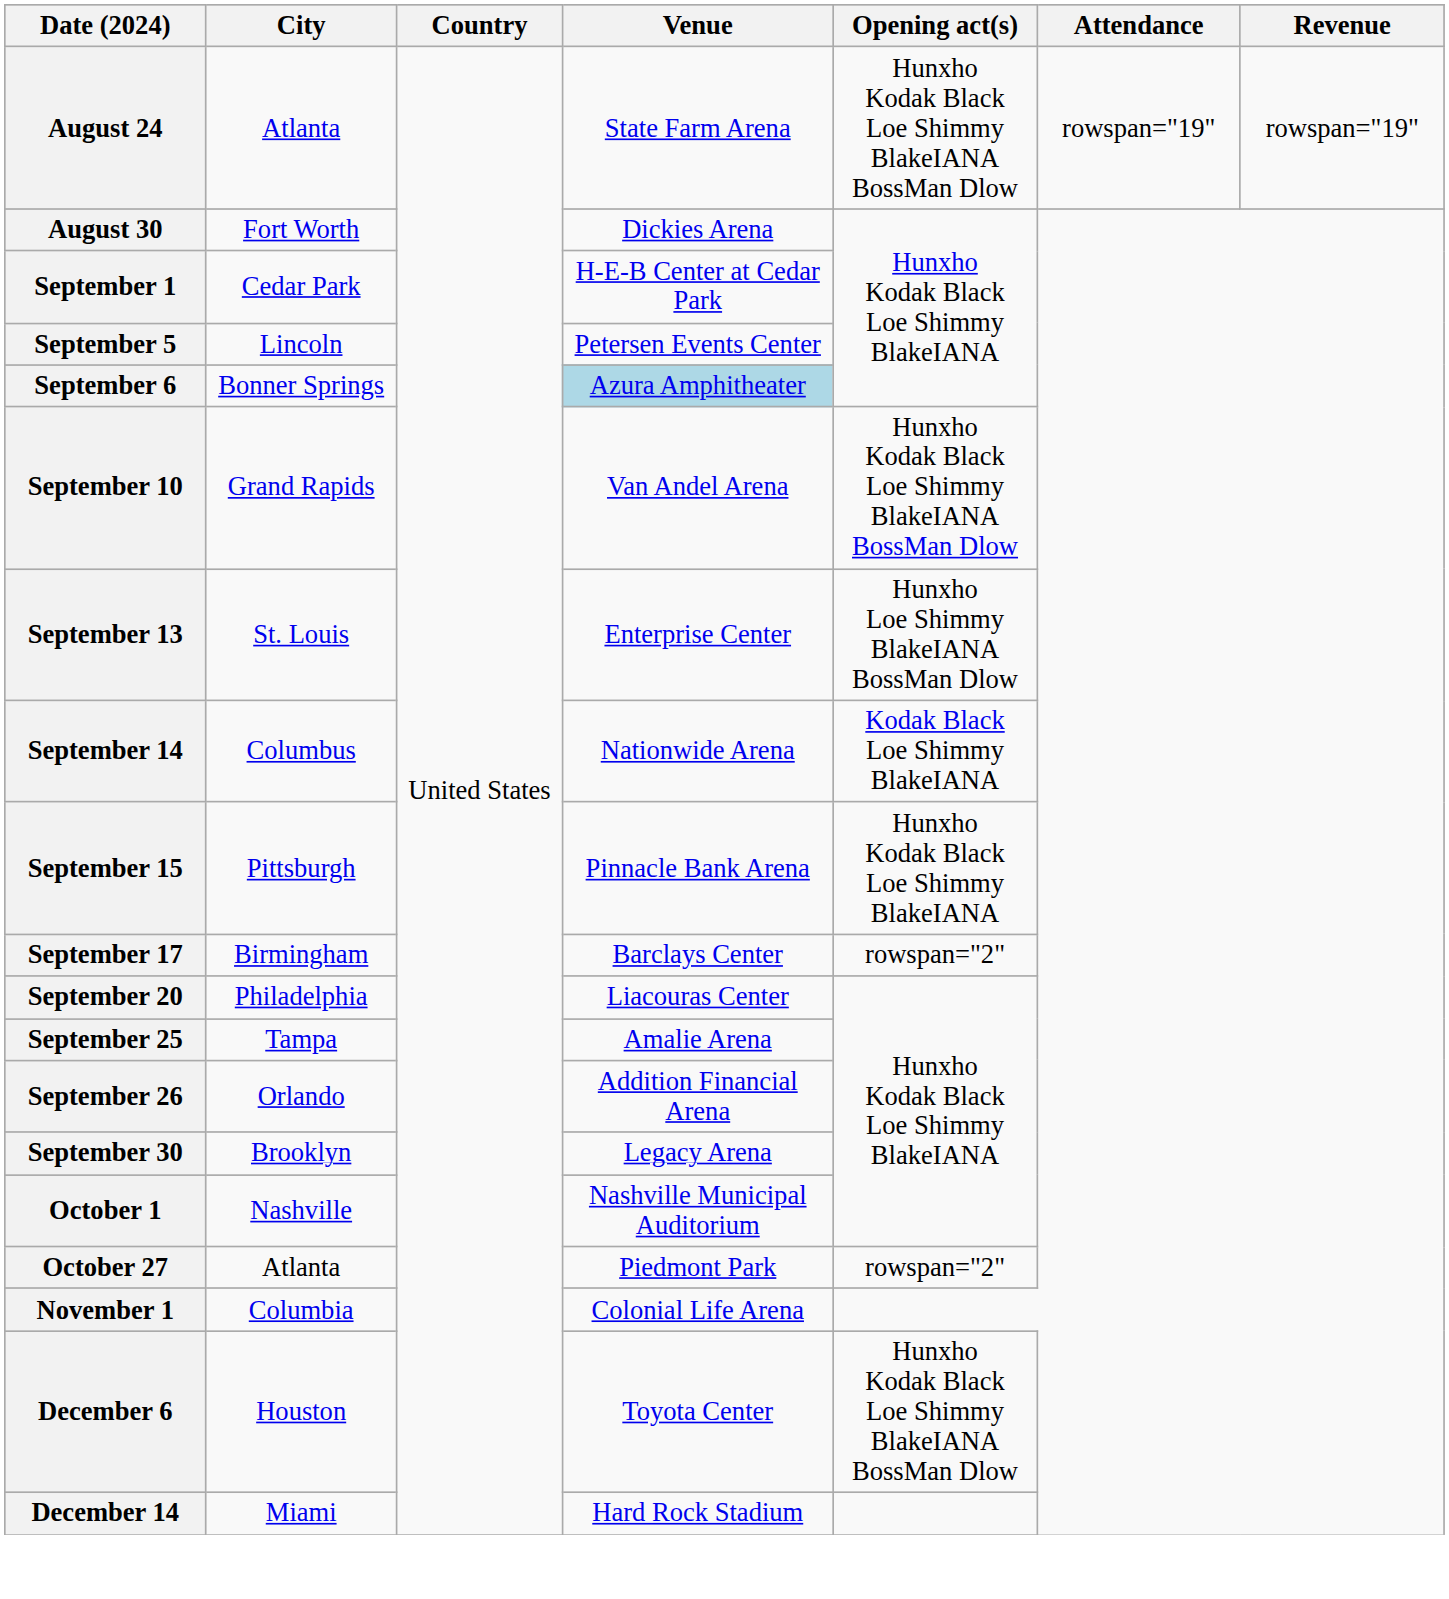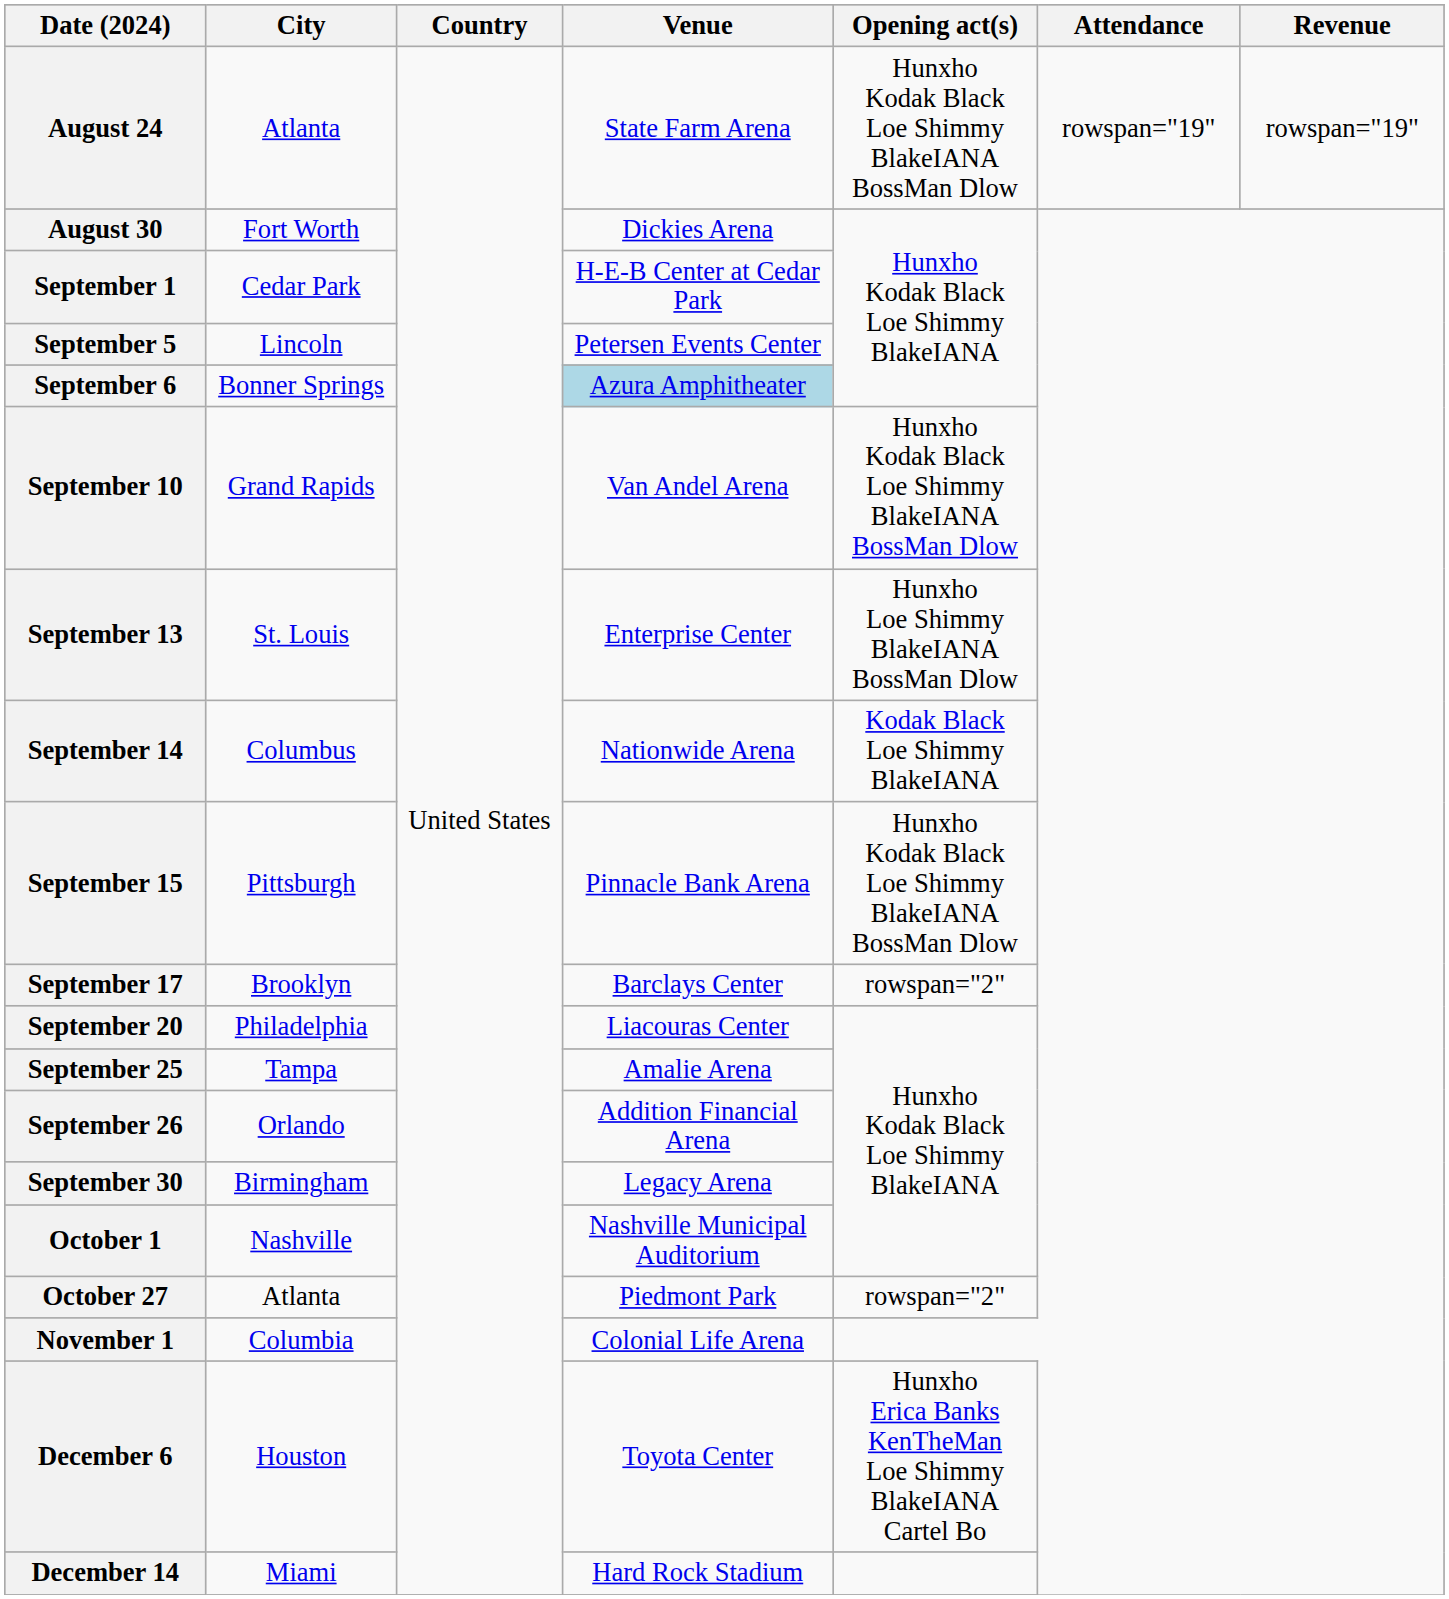 <table class="wikitable plainrowheaders" style="text-align:center;">
 <tr>
 <th scope="col" style="width:12em;">Date (2024)</th>
 <th scope="col" style="width:10em;">City</th>
 <th scope="col" style="width:10em;">Country</th>
 <th scope="col" style="width:18em;">Venue</th>
 <th scope="col" style="width:11em;">Opening act(s)</th>
 <th scope="col" style="width:10em;">Attendance</th>
 <th scope="col" style="width:10em;">Revenue</th>
 </tr>
 <tr>
 <th scope="row" style="text-align:center;">August 24</th>
 <td><a href='#'>Atlanta</a></td>
 <td rowspan="19">United States</td>
 <td><a href='#'>State Farm Arena</a></td>
 <td>Hunxho <br> Kodak Black <br> Loe Shimmy <br> BlakeIANA <br> BossMan Dlow</td>
 <td>rowspan="19" </td>
 <td>rowspan="19" </td>
 </tr>
 <tr>
 <th scope="row" style="text-align:center;">August 30</th>
 <td><a href='#'>Fort Worth</a></td>
 <td><a href='#'>Dickies Arena</a></td>
 <td rowspan="4"><a href='#'>Hunxho</a> <br> Kodak Black <br> Loe Shimmy <br> BlakeIANA</td>
 </tr>
 <tr>
 <th scope="row" style="text-align:center;">September 1</th>
 <td><a href='#'>Cedar Park</a></td>
 <td><a href='#'>H-E-B Center at Cedar Park</a></td>
 </tr>
 <tr>
 <th scope="row" style="text-align:center;">September 5</th>
 <td><a href='#'>Lincoln</a></td>
 <td><a href='#'>Petersen Events Center</a></td>
 </tr>
 <tr>
 <th scope="row" style="text-align:center;">September 6</th>
 <td><a href='#'>Bonner Springs</a></td>
 <td style="background: lightblue;"><a href='#'>Azura Amphitheater</a></td>
 </tr>
 <tr>
 <th scope="row" style="text-align:center;">September 10</th>
 <td><a href='#'>Grand Rapids</a></td>
 <td><a href='#'>Van Andel Arena</a></td>
 <td>Hunxho <br> Kodak Black <br> Loe Shimmy <br> BlakeIANA <br> <a href='#'>BossMan Dlow</a></td>
 </tr>
 <tr>
 <th scope="row" style="text-align:center;">September 13</th>
 <td><a href='#'>St. Louis</a></td>
 <td><a href='#'>Enterprise Center</a></td>
 <td>Hunxho <br> Loe Shimmy <br> BlakeIANA <br> BossMan Dlow</td>
 </tr>
 <tr>
 <th scope="row" style="text-align:center;">September 14</th>
 <td><a href='#'>Columbus</a></td>
 <td><a href='#'>Nationwide Arena</a></td>
 <td><a href='#'>Kodak Black</a> <br> Loe Shimmy <br> BlakeIANA</td>
 </tr>
 <tr>
 <th scope="row" style="text-align:center;">September 15</th>
 <td><a href='#'>Pittsburgh</a></td>
 <td><a href='#'>Pinnacle Bank Arena</a></td>
-<td>Hunxho <br> Kodak Black <br> Loe Shimmy <br> BlakeIANA</td>
+<td>Hunxho <br> Kodak Black <br> Loe Shimmy <br> BlakeIANA <br> BossMan Dlow</td>
 </tr>
 <tr>
 <th scope="row" style="text-align:center;">September 17</th>
-<td><a href='#'>Birmingham</a></td>
+<td><a href='#'>Brooklyn</a></td>
 <td><a href='#'>Barclays Center</a></td>
 <td>rowspan="2" </td>
 </tr>
 <tr>
 <th scope="row" style="text-align:center;">September 20</th>
 <td><a href='#'>Philadelphia</a></td>
 <td><a href='#'>Liacouras Center</a></td>
 <td rowspan="5">Hunxho <br> Kodak Black <br> Loe Shimmy <br> BlakeIANA</td>
 </tr>
 <tr>
 <th scope="row" style="text-align:center;">September 25</th>
 <td><a href='#'>Tampa</a></td>
 <td><a href='#'>Amalie Arena</a></td>
 </tr>
 <tr>
 <th scope="row" style="text-align:center;">September 26</th>
 <td><a href='#'>Orlando</a></td>
 <td><a href='#'>Addition Financial Arena</a></td>
 </tr>
 <tr>
 <th scope="row" style="text-align:center;">September 30</th>
-<td><a href='#'>Brooklyn</a></td>
+<td><a href='#'>Birmingham</a></td>
 <td><a href='#'>Legacy Arena</a></td>
 </tr>
 <tr>
 <th scope="row" style="text-align:center;">October 1</th>
 <td><a href='#'>Nashville</a></td>
 <td><a href='#'>Nashville Municipal Auditorium</a></td>
 </tr>
 <tr>
 <th scope="row" style="text-align:center;">October 27</th>
 <td>Atlanta</td>
 <td><a href='#'>Piedmont Park</a></td>
 <td>rowspan="2" </td>
 </tr>
 <tr>
 <th scope="row" style="text-align:center;">November 1</th>
 <td><a href='#'>Columbia</a></td>
 <td><a href='#'>Colonial Life Arena</a></td>
 </tr>
 <tr>
 <th scope="row" style="text-align:center;">December 6</th>
 <td><a href='#'>Houston</a></td>
 <td><a href='#'>Toyota Center</a></td>
-<td>Hunxho <br> Kodak Black <br> Loe Shimmy <br> BlakeIANA <br> BossMan Dlow</td>
+<td>Hunxho <br> <a href='#'>Erica Banks</a> <br> <a href='#'>KenTheMan</a> <br> Loe Shimmy <br> BlakeIANA <br> Cartel Bo</td>
 </tr>
 <tr>
 <th scope="row" style="text-align:center;">December 14</th>
 <td><a href='#'>Miami</a></td>
 <td><a href='#'>Hard Rock Stadium</a></td>
 <td></td>
 </tr>
 <tr>
 </tr>
 </table>
